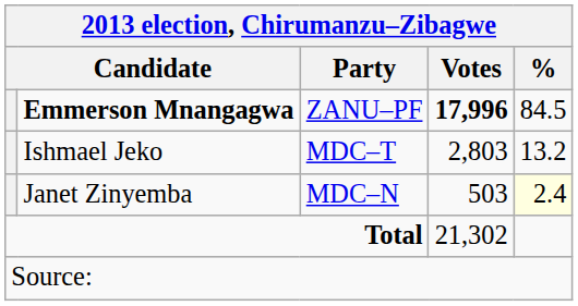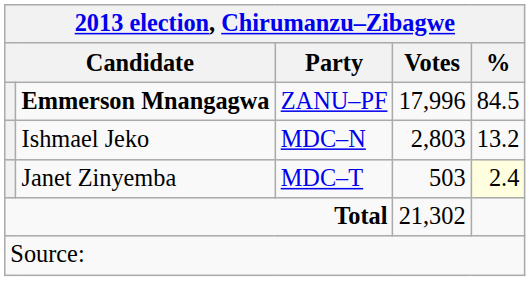 <table class="wikitable">
 <tr>
 <th colspan="5"><a href='#'>2013 election</a>, <a href='#'>Chirumanzu–Zibagwe</a></th>
 </tr>
 <tr>
 <th colspan="2">Candidate</th>
 <th>Party</th>
 <th>Votes</th>
 <th>%</th>
 </tr>
 <tr>
 <th style="background-color: "></th>
 <td><strong>Emmerson Mnangagwa</strong></td>
 <td><a href='#'>ZANU–PF</a></td>
-<td style="text-align:right"><strong>17,996</strong></td>
+<td style="text-align:right">17,996</td>
 <td style="text-align:right">84.5</td>
 </tr>
 <tr>
 <th style="background-color: "></th>
 <td>Ishmael Jeko</td>
-<td><a href='#'>MDC–T</a></td>
+<td><a href='#'>MDC–N</a></td>
 <td style="text-align:right">2,803</td>
 <td style="text-align:right">13.2</td>
 </tr>
 <tr>
 <th style="background-color: "></th>
 <td>Janet Zinyemba</td>
-<td><a href='#'>MDC–N</a></td>
+<td><a href='#'>MDC–T</a></td>
 <td style="text-align:right">503</td>
 <td style="background: lightyellow; text-align:right">2.4</td>
 </tr>
 <tr>
 <td colspan="3" style="text-align:right"><strong>Total</strong></td>
 <td style="text-align:right">21,302</td>
 <td style="text-align:right"></td>
 </tr>
 <tr>
 <td colspan="5" style="text-align:left">Source:</td>
 </tr>
 </table>
